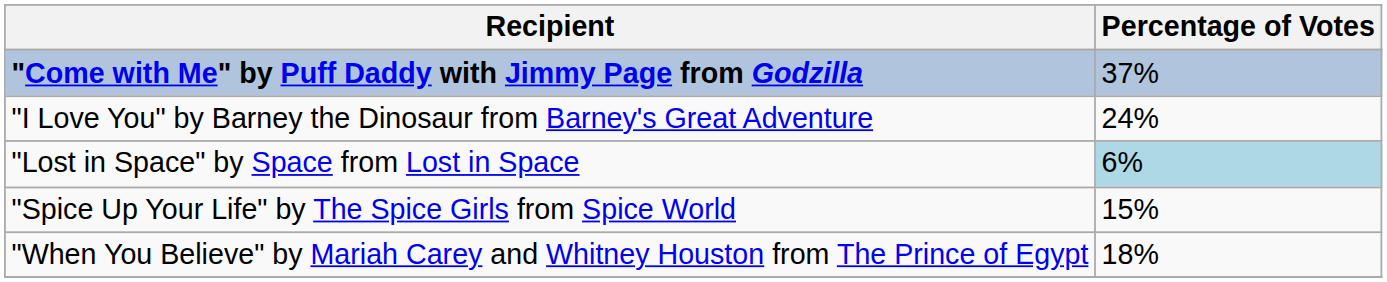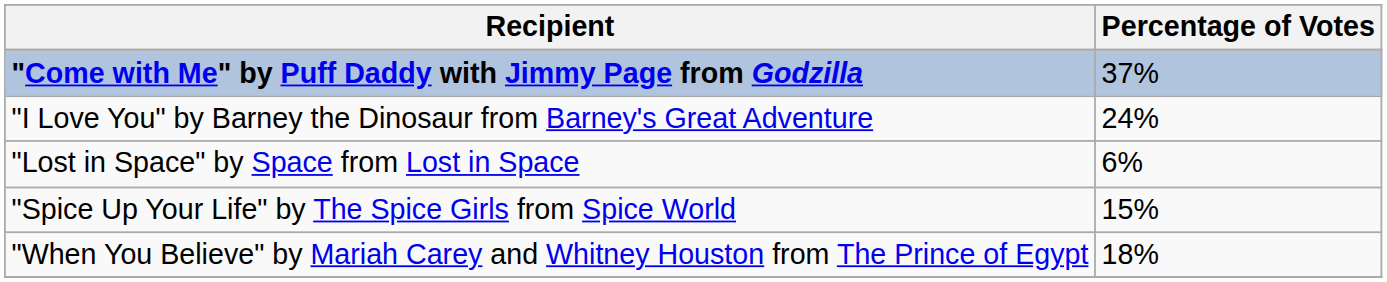 <table class="wikitable sortable plainrowheaders">
 <tr>
 <th>Recipient</th>
 <th>Percentage of Votes</th>
 </tr>
 <tr>
 </tr>
 <tr style="background:#B0C4DE;">
 <td><strong>"<a href='#'>Come with Me</a>" by <a href='#'>Puff Daddy</a> with <a href='#'>Jimmy Page</a> from <em><a href='#'>Godzilla</a><strong><em></td>
 <td></strong>37%<strong></td>
 </tr>
 <tr>
 <td>"I Love You" by Barney the Dinosaur from </em><a href='#'>Barney's Great Adventure</a><em></td>
 <td>24%</td>
 </tr>
 <tr>
 <td>"Lost in Space" by <a href='#'>Space</a> from </em><a href='#'>Lost in Space</a><em></td>
-<td style="background: lightblue;">6%</td>
+<td>6%</td>
 </tr>
 <tr>
 <td>"Spice Up Your Life" by <a href='#'>The Spice Girls</a> from </em><a href='#'>Spice World</a><em></td>
 <td>15%</td>
 </tr>
 <tr>
 <td>"When You Believe"  by <a href='#'>Mariah Carey</a> and <a href='#'>Whitney Houston</a> from </em><a href='#'>The Prince of Egypt</a><em></td>
 <td>18%</td>
 </tr>
 <tr>
 </tr>
 </table>
